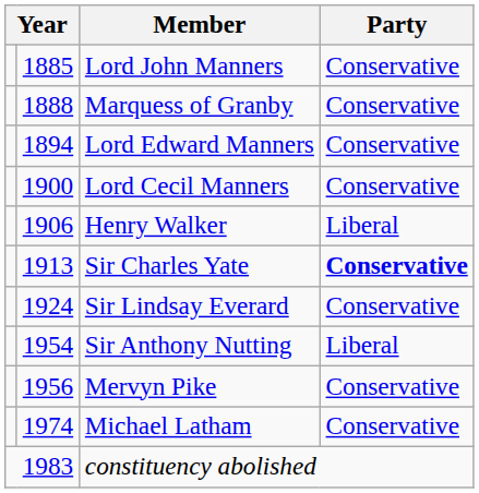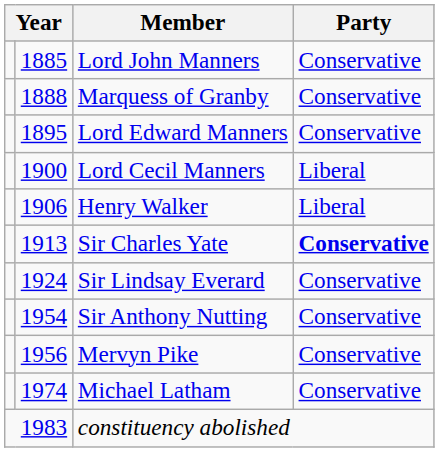 <table class="wikitable">
 <tr>
 <th colspan="2">Year</th>
 <th>Member</th>
 <th>Party</th>
 </tr>
 <tr>
 <td style="color:inherit;background-color: "></td>
 <td><a href='#'>1885</a></td>
 <td><a href='#'>Lord John Manners</a></td>
 <td><a href='#'>Conservative</a></td>
 </tr>
 <tr>
 <td style="color:inherit;background-color: "></td>
 <td><a href='#'>1888</a></td>
 <td><a href='#'>Marquess of Granby</a></td>
 <td><a href='#'>Conservative</a></td>
 </tr>
 <tr>
 <td style="color:inherit;background-color: "></td>
-<td><a href='#'>1894</a></td>
+<td><a href='#'>1895</a></td>
 <td><a href='#'>Lord Edward Manners</a></td>
 <td><a href='#'>Conservative</a></td>
 </tr>
 <tr>
 <td style="color:inherit;background-color: "></td>
 <td><a href='#'>1900</a></td>
 <td><a href='#'>Lord Cecil Manners</a></td>
-<td><a href='#'>Conservative</a></td>
+<td><a href='#'>Liberal</a></td>
 </tr>
 <tr>
 <td style="color:inherit;background-color: "></td>
 <td><a href='#'>1906</a></td>
 <td><a href='#'>Henry Walker</a></td>
 <td><a href='#'>Liberal</a></td>
 </tr>
 <tr>
 <td style="color:inherit;background-color: "></td>
 <td><a href='#'>1913</a></td>
 <td><a href='#'>Sir Charles Yate</a></td>
 <td><strong><a href='#'>Conservative</a></strong></td>
 </tr>
 <tr>
 <td style="color:inherit;background-color: "></td>
 <td><a href='#'>1924</a></td>
 <td><a href='#'>Sir Lindsay Everard</a></td>
 <td><a href='#'>Conservative</a></td>
 </tr>
 <tr>
 <td style="color:inherit;background-color: "></td>
 <td><a href='#'>1954</a></td>
 <td><a href='#'>Sir Anthony Nutting</a></td>
-<td><a href='#'>Liberal</a></td>
+<td><a href='#'>Conservative</a></td>
 </tr>
 <tr>
 <td style="color:inherit;background-color: "></td>
 <td><a href='#'>1956</a></td>
 <td><a href='#'>Mervyn Pike</a></td>
 <td><a href='#'>Conservative</a></td>
 </tr>
 <tr>
 <td style="color:inherit;background-color: "></td>
 <td><a href='#'>1974</a></td>
 <td><a href='#'>Michael Latham</a></td>
 <td><a href='#'>Conservative</a></td>
 </tr>
 <tr>
 <td colspan="2" align="right"><a href='#'>1983</a></td>
 <td colspan="2"><em>constituency abolished</em></td>
 </tr>
 </table>
